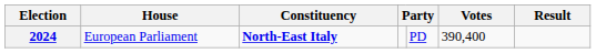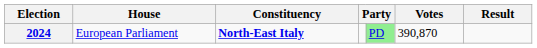 <table class=wikitable style="width:55%; border:1px #AAAAFF solid">
 <tr>
 <th width=12%>Election</th>
 <th width=25%>House</th>
 <th width=25%>Constituency</th>
 <th width=5% colspan="2">Party</th>
 <th width=12%>Votes</th>
 <th width=12%>Result</th>
 </tr>
 <tr>
 <th><a href='#'>2024</a></th>
 <td><a href='#'>European Parliament</a></td>
 <td><strong><a href='#'>North-East Italy</a></strong></td>
 <td></td>
-<td><a href='#'>PD</a></td>
-<td>390,400</td>
+<td style="background: lightgreen;"><a href='#'>PD</a></td>
+<td>390,870</td>
 <td></td>
 </tr>
 </table>
